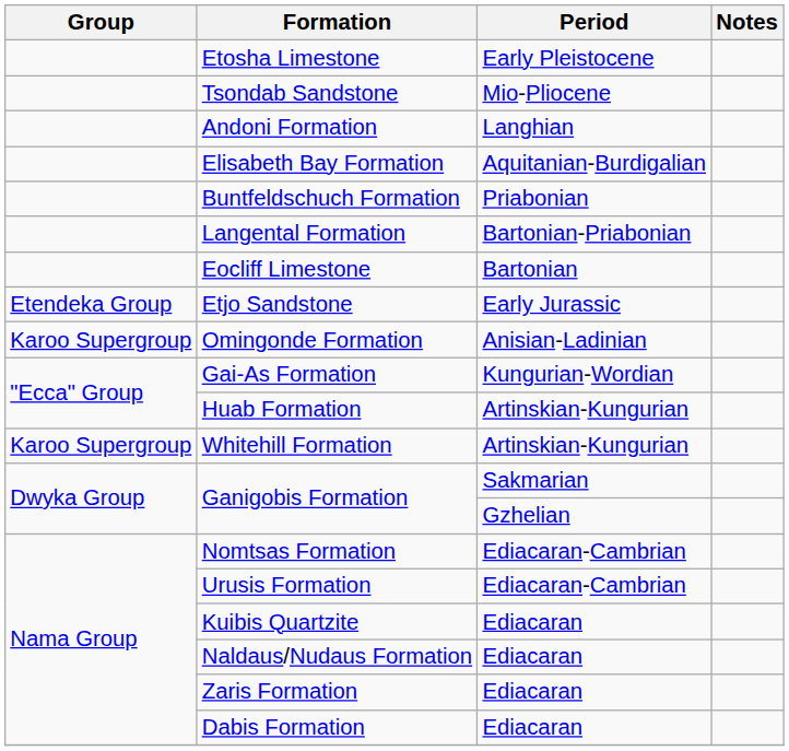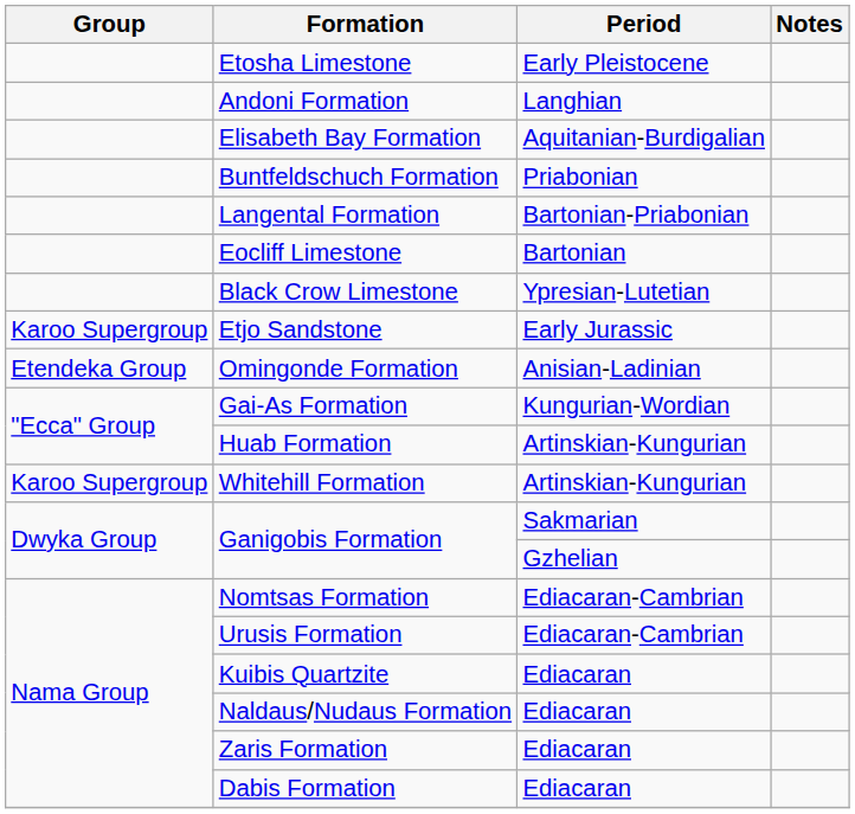 <table class="wikitable sortable">
 <tr>
 <th>Group</th>
 <th>Formation</th>
 <th>Period</th>
 <th class="unsortable">Notes</th>
 </tr>
 <tr>
 <td></td>
 <td><a href='#'>Etosha Limestone</a></td>
 <td style="background-color: "><a href='#'>Early Pleistocene</a></td>
-<td align=center></td>
-</tr>
-<tr>
-<td></td>
-<td><a href='#'>Tsondab Sandstone</a></td>
-<td style="background-color: "><a href='#'>Mio</a>-<a href='#'>Pliocene</a></td>
 <td align=center></td>
 </tr>
 <tr>
 <td></td>
 <td><a href='#'>Andoni Formation</a></td>
 <td style="background-color: "><a href='#'>Langhian</a></td>
 <td align=center></td>
 </tr>
 <tr>
 <td></td>
 <td><a href='#'>Elisabeth Bay Formation</a></td>
 <td style="background-color: "><a href='#'>Aquitanian</a>-<a href='#'>Burdigalian</a></td>
 <td align=center></td>
 </tr>
 <tr>
 <td></td>
 <td><a href='#'>Buntfeldschuch Formation</a></td>
 <td style="background-color: "><a href='#'>Priabonian</a></td>
 <td align=center></td>
 </tr>
 <tr>
 <td></td>
 <td><a href='#'>Langental Formation</a></td>
 <td style="background-color: "><a href='#'>Bartonian</a>-<a href='#'>Priabonian</a></td>
 <td align=center></td>
 </tr>
 <tr>
 <td></td>
 <td><a href='#'>Eocliff Limestone</a></td>
 <td style="background-color: "><a href='#'>Bartonian</a></td>
 <td align=center></td>
 </tr>
 <tr>
-<td><a href='#'>Etendeka Group</a></td>
+<td></td>
+<td><a href='#'>Black Crow Limestone</a></td>
+<td style="background-color: "><a href='#'>Ypresian</a>-<a href='#'>Lutetian</a></td>
+<td align=center></td>
+</tr>
+<tr>
+<td><a href='#'>Karoo Supergroup</a></td>
 <td><a href='#'>Etjo Sandstone</a></td>
 <td style="background-color: "><a href='#'>Early Jurassic</a></td>
 <td align=center></td>
 </tr>
 <tr>
-<td><a href='#'>Karoo Supergroup</a></td>
+<td><a href='#'>Etendeka Group</a></td>
 <td><a href='#'>Omingonde Formation</a></td>
 <td style="background-color: "><a href='#'>Anisian</a>-<a href='#'>Ladinian</a></td>
 <td align=center></td>
 </tr>
 <tr>
 <td rowspan=2><a href='#'>"Ecca" Group</a></td>
 <td><a href='#'>Gai-As Formation</a></td>
 <td style="background-color: "><a href='#'>Kungurian</a>-<a href='#'>Wordian</a></td>
 <td align=center></td>
 </tr>
 <tr>
 <td><a href='#'>Huab Formation</a></td>
 <td style="background-color: "><a href='#'>Artinskian</a>-<a href='#'>Kungurian</a></td>
 <td align=center></td>
 </tr>
 <tr>
 <td><a href='#'>Karoo Supergroup</a></td>
 <td><a href='#'>Whitehill Formation</a></td>
 <td style="background-color: "><a href='#'>Artinskian</a>-<a href='#'>Kungurian</a></td>
 <td align=center></td>
 </tr>
 <tr>
 <td rowspan=2><a href='#'>Dwyka Group</a></td>
 <td rowspan=2><a href='#'>Ganigobis Formation</a></td>
 <td style="background-color: "><a href='#'>Sakmarian</a></td>
 <td align=center></td>
 </tr>
 <tr>
 <td style="background-color: "><a href='#'>Gzhelian</a></td>
 <td align=center></td>
 </tr>
 <tr>
 <td rowspan=6><a href='#'>Nama Group</a></td>
 <td><a href='#'>Nomtsas Formation</a></td>
 <td style="background-color: "><a href='#'>Ediacaran</a>-<a href='#'>Cambrian</a></td>
 <td align=center></td>
 </tr>
 <tr>
 <td><a href='#'>Urusis Formation</a></td>
 <td style="background-color: "><a href='#'>Ediacaran</a>-<a href='#'>Cambrian</a></td>
 <td align=center></td>
 </tr>
 <tr>
 <td><a href='#'>Kuibis Quartzite</a></td>
 <td style="background-color: "><a href='#'>Ediacaran</a></td>
 <td align=center></td>
 </tr>
 <tr>
 <td><a href='#'>Naldaus</a>/<a href='#'>Nudaus Formation</a></td>
 <td style="background-color: "><a href='#'>Ediacaran</a></td>
 <td align=center></td>
 </tr>
 <tr>
 <td><a href='#'>Zaris Formation</a></td>
 <td style="background-color: "><a href='#'>Ediacaran</a></td>
 <td align=center></td>
 </tr>
 <tr>
 <td><a href='#'>Dabis Formation</a></td>
 <td style="background-color: "><a href='#'>Ediacaran</a></td>
 <td align=center></td>
 </tr>
 <tr>
 </tr>
 </table>
